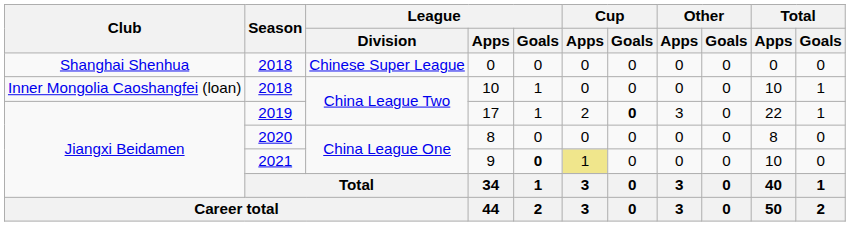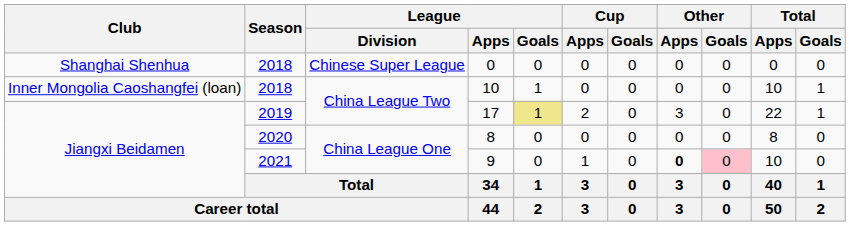 <table class="wikitable" style="text-align: center">
 <tr>
 <th rowspan="2">Club</th>
 <th rowspan="2">Season</th>
 <th colspan="3">League</th>
 <th colspan="2">Cup</th>
 <th colspan="2">Other</th>
 <th colspan="2">Total</th>
 </tr>
 <tr>
 <th>Division</th>
 <th>Apps</th>
 <th>Goals</th>
 <th>Apps</th>
 <th>Goals</th>
 <th>Apps</th>
 <th>Goals</th>
 <th>Apps</th>
 <th>Goals</th>
 </tr>
 <tr>
 <td><a href='#'>Shanghai Shenhua</a></td>
 <td><a href='#'>2018</a></td>
 <td><a href='#'>Chinese Super League</a></td>
 <td>0</td>
 <td>0</td>
 <td>0</td>
 <td>0</td>
 <td>0</td>
 <td>0</td>
 <td>0</td>
 <td>0</td>
 </tr>
 <tr>
 <td><a href='#'>Inner Mongolia Caoshangfei</a> (loan)</td>
 <td><a href='#'>2018</a></td>
 <td rowspan="2"><a href='#'>China League Two</a></td>
 <td>10</td>
 <td>1</td>
 <td>0</td>
 <td>0</td>
 <td>0</td>
 <td>0</td>
 <td>10</td>
 <td>1</td>
 </tr>
 <tr>
 <td rowspan="4"><a href='#'>Jiangxi Beidamen</a></td>
 <td><a href='#'>2019</a></td>
 <td>17</td>
-<td>1</td>
+<td style="background: khaki;">1</td>
 <td>2</td>
-<td><strong>0</strong></td>
+<td>0</td>
 <td>3</td>
 <td>0</td>
 <td>22</td>
 <td>1</td>
 </tr>
 <tr>
 <td><a href='#'>2020</a></td>
 <td rowspan="2"><a href='#'>China League One</a></td>
 <td>8</td>
 <td>0</td>
 <td>0</td>
 <td>0</td>
 <td>0</td>
 <td>0</td>
 <td>8</td>
 <td>0</td>
 </tr>
 <tr>
 <td><a href='#'>2021</a></td>
 <td>9</td>
+<td>0</td>
+<td>1</td>
+<td>0</td>
 <td><strong>0</strong></td>
-<td style="background: khaki;">1</td>
-<td>0</td>
-<td>0</td>
-<td>0</td>
+<td style="background: pink;">0</td>
 <td>10</td>
 <td>0</td>
 </tr>
 <tr>
 <th colspan=2>Total</th>
 <th>34</th>
 <th>1</th>
 <th>3</th>
 <th>0</th>
 <th>3</th>
 <th>0</th>
 <th>40</th>
 <th>1</th>
 </tr>
 <tr>
 <th colspan=3>Career total</th>
 <th>44</th>
 <th>2</th>
 <th>3</th>
 <th>0</th>
 <th>3</th>
 <th>0</th>
 <th>50</th>
 <th>2</th>
 </tr>
 </table>
